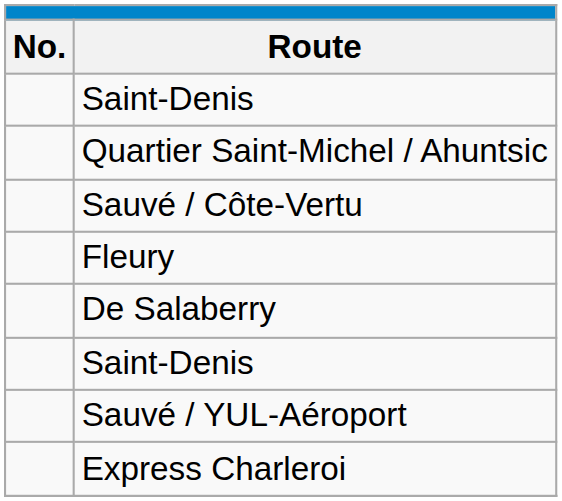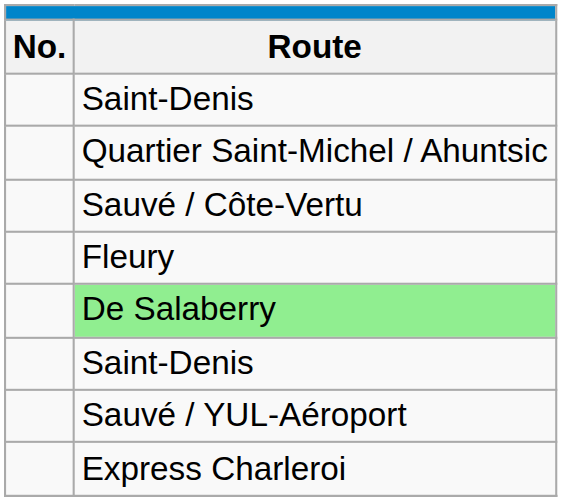 <table align=center class="wikitable">
 <tr>
 <th style="background: #0085CA; font-size:100%; color:#FFFFFF;"colspan="4"><a href='#'></a></th>
 </tr>
 <tr>
 <th>No.</th>
 <th>Route</th>
 </tr>
 <tr>
 <td></td>
 <td>Saint-Denis</td>
 </tr>
 <tr>
 <td></td>
 <td>Quartier Saint-Michel / Ahuntsic</td>
 </tr>
 <tr>
 <td {{Avoid wrap> </td>
 <td>Sauvé / Côte-Vertu</td>
 </tr>
 <tr>
 <td></td>
 <td>Fleury</td>
 </tr>
 <tr>
 <td></td>
-<td>De Salaberry</td>
+<td style="background: lightgreen;">De Salaberry</td>
 </tr>
 <tr>
 <td {{Avoid wrap> </td>
 <td>Saint-Denis</td>
 </tr>
 <tr>
 <td {{Avoid wrap> </td>
 <td>Sauvé / YUL-Aéroport</td>
 </tr>
 <tr>
 <td></td>
 <td>Express Charleroi</td>
 </tr>
 <tr>
 </tr>
 </table>
